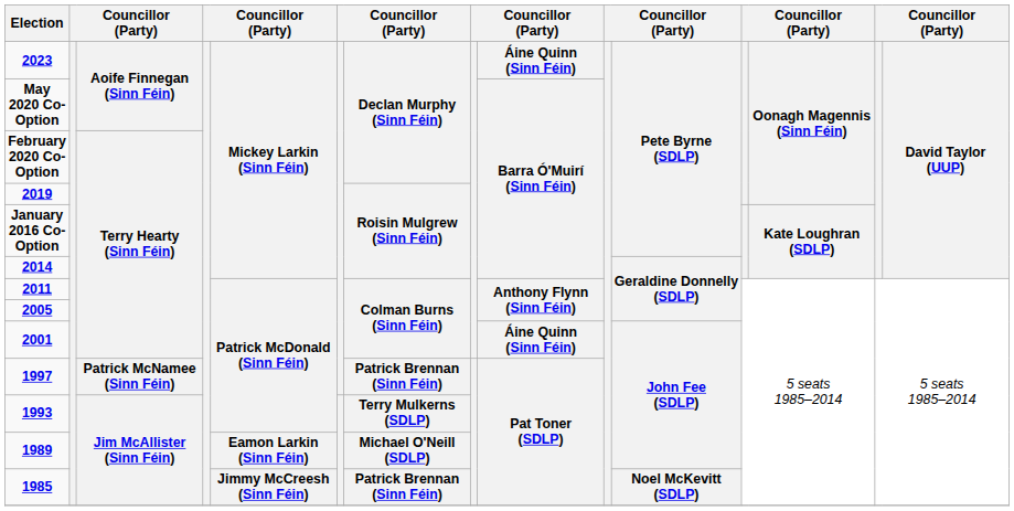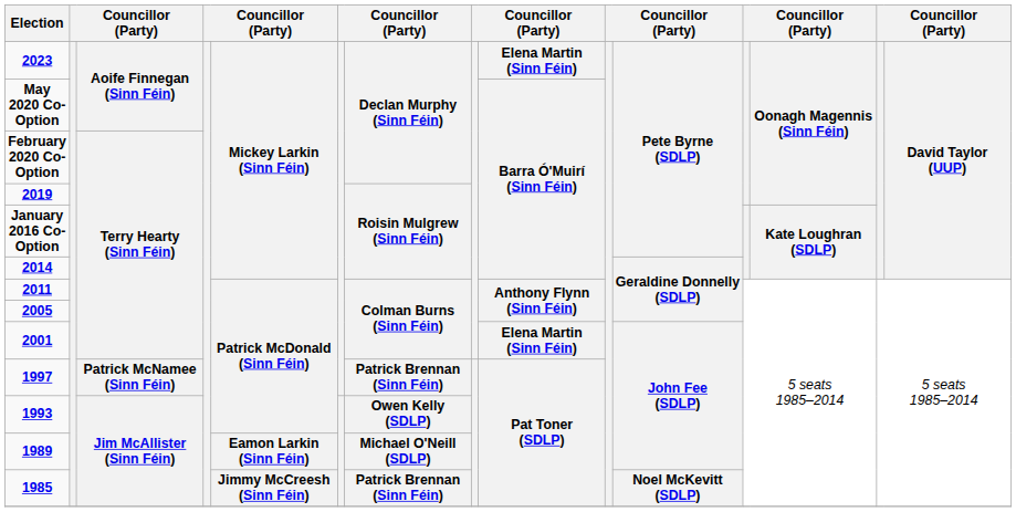 <table class="wikitable" style="text-align:center">
 <tr>
 <th scope="col" width="50">Election</th>
 <th scope="col" width="150" colspan = "2">Councillor<br> (Party)</th>
 <th scope="col" width="150" colspan = "2">Councillor<br> (Party)</th>
 <th scope="col" width="150" colspan = "2">Councillor<br> (Party)</th>
 <th scope="col" width="150" colspan = "2">Councillor<br> (Party)</th>
 <th scope="col" width="150" colspan = "2">Councillor<br> (Party)</th>
 <th scope="col" width="150" colspan = "2">Councillor<br> (Party)</th>
 <th scope="col" width="150" colspan = "2">Councillor<br> (Party)</th>
 </tr>
 <tr>
 <td><strong><a href='#'>2023</a></strong></td>
 <th rowspan="13" width="1" style="background-color: "></th>
 <th rowspan = "2">Aoife Finnegan <br> (<a href='#'>Sinn Féin</a>)</th>
 <th rowspan="13" width="1" style="background-color: "></th>
 <th rowspan = "6">Mickey Larkin <br> (<a href='#'>Sinn Féin</a>)</th>
 <th rowspan="10" width="1" style="background-color: "></th>
 <th rowspan = "3">Declan Murphy <br> (<a href='#'>Sinn Féin</a>)</th>
 <th rowspan="9" width="1" style="background-color: "></th>
-<th rowspan = "1">Áine Quinn <br> (<a href='#'>Sinn Féin</a>)</th>
+<th rowspan = "1">Elena Martin <br> (<a href='#'>Sinn Féin</a>)</th>
 <th rowspan="13" width="1" style="background-color: "></th>
 <th rowspan = "5">Pete Byrne <br> (<a href='#'>SDLP</a>)</th>
 <th rowspan="4" width="1" style="background-color: "></th>
 <th rowspan = "4">Oonagh Magennis <br> (<a href='#'>Sinn Féin</a>)</th>
 <th rowspan="6" width="1" style="background-color: "></th>
 <th rowspan = "6">David Taylor <br> (<a href='#'>UUP</a>)</th>
 </tr>
 <tr>
 <td><strong>May 2020 Co-Option</strong></td>
 <th rowspan = "5">Barra Ó'Muirí <br> (<a href='#'>Sinn Féin</a>)</th>
 </tr>
 <tr>
 <td><strong>February 2020 Co-Option</strong></td>
 <th rowspan = "7">Terry Hearty <br> (<a href='#'>Sinn Féin</a>)</th>
 </tr>
 <tr>
 <td><strong><a href='#'>2019</a></strong></td>
 <th rowspan = "3">Roisin Mulgrew <br> (<a href='#'>Sinn Féin</a>)</th>
 </tr>
 <tr>
 <td><strong>January 2016 Co-Option</strong></td>
 <th rowspan="2" width="1" style="background-color: "></th>
 <th rowspan = "2">Kate Loughran <br> (<a href='#'>SDLP</a>)</th>
 </tr>
 <tr>
 <td><strong><a href='#'>2014</a></strong></td>
 <th rowspan = "3">Geraldine Donnelly <br> (<a href='#'>SDLP</a>)</th>
 </tr>
 <tr>
 <td><strong><a href='#'>2011</a></strong></td>
 <th rowspan = "5">Patrick McDonald <br> (<a href='#'>Sinn Féin</a>)</th>
 <th rowspan = "3">Colman Burns <br> (<a href='#'>Sinn Féin</a>)</th>
 <th rowspan = "2">Anthony Flynn <br> (<a href='#'>Sinn Féin</a>)</th>
 <td colspan="2" rowspan="7" style="background-color:#FFFFFF"><em>5 seats<br>1985–2014</em></td>
 <td colspan="2" rowspan="7" style="background-color:#FFFFFF"><em>5 seats<br>1985–2014</em></td>
 </tr>
 <tr>
 <td><strong><a href='#'>2005</a></strong></td>
 </tr>
 <tr>
 <td><strong><a href='#'>2001</a></strong></td>
-<th rowspan = "1">Áine Quinn <br> (<a href='#'>Sinn Féin</a>)</th>
+<th rowspan = "1">Elena Martin <br> (<a href='#'>Sinn Féin</a>)</th>
 <th rowspan = "4"><a href='#'>John Fee</a> <br> (<a href='#'>SDLP</a>)</th>
 </tr>
 <tr>
 <td><strong><a href='#'>1997</a></strong></td>
 <th rowspan = "1">Patrick McNamee <br> (<a href='#'>Sinn Féin</a>)</th>
 <th rowspan = "1">Patrick Brennan <br> (<a href='#'>Sinn Féin</a>)</th>
 <th rowspan="4" width="1" style="background-color: "></th>
 <th rowspan = "4">Pat Toner <br> (<a href='#'>SDLP</a>)</th>
 </tr>
 <tr>
 <td><strong><a href='#'>1993</a></strong></td>
 <th rowspan = "3"><a href='#'>Jim McAllister</a> <br> (<a href='#'>Sinn Féin</a>)</th>
 <th rowspan="3" width="1" style="background-color: "></th>
-<th rowspan = "1">Terry Mulkerns <br> (<a href='#'>SDLP</a>)</th>
+<th rowspan = "1">Owen Kelly <br> (<a href='#'>SDLP</a>)</th>
 </tr>
 <tr>
 <td><strong><a href='#'>1989</a></strong></td>
 <th rowspan = "1">Eamon Larkin <br> (<a href='#'>Sinn Féin</a>)</th>
 <th rowspan = "1">Michael O'Neill <br> (<a href='#'>SDLP</a>)</th>
 </tr>
 <tr>
 <td><strong><a href='#'>1985</a></strong></td>
 <th rowspan = "1">Jimmy McCreesh <br> (<a href='#'>Sinn Féin</a>)</th>
 <th rowspan = "1">Patrick Brennan <br> (<a href='#'>Sinn Féin</a>)</th>
 <th rowspan = "1">Noel McKevitt <br> (<a href='#'>SDLP</a>)</th>
 </tr>
 <tr>
 </tr>
 </table>
